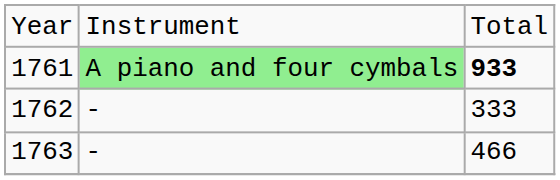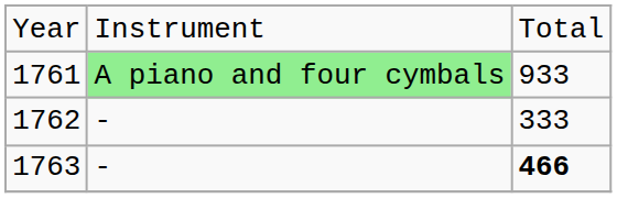 <table class="wikitable">
 <tr>
 <td>Year</td>
 <td>Instrument</td>
 <td>Total</td>
 </tr>
 <tr>
 <td>1761</td>
 <td style="background: lightgreen;">A piano and four cymbals</td>
-<td><strong>933</strong></td>
+<td>933</td>
 </tr>
 <tr>
 <td>1762</td>
 <td>-</td>
 <td>333</td>
 </tr>
 <tr>
 <td>1763</td>
 <td>-</td>
-<td>466</td>
+<td><strong>466</strong></td>
 </tr>
 <tr>
 </tr>
 </table>
